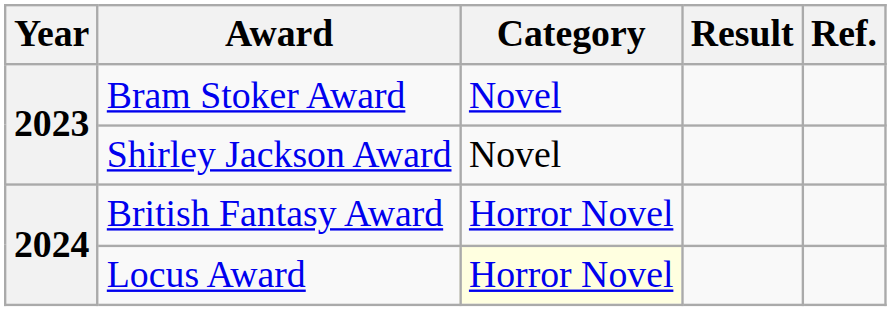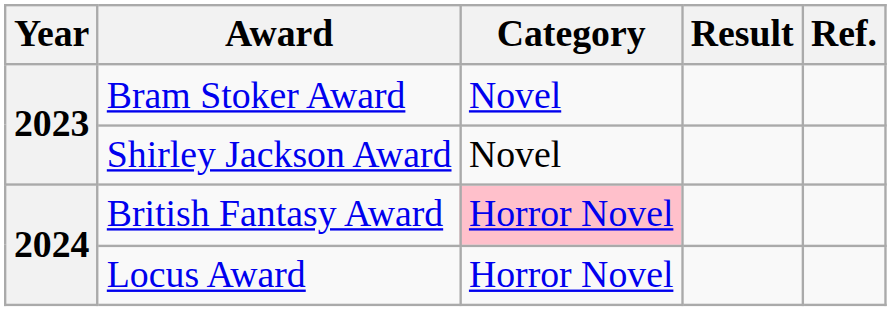 <table class="wikitable sortable">
 <tr>
 <th>Year</th>
 <th>Award</th>
 <th>Category</th>
 <th>Result</th>
 <th>Ref.</th>
 </tr>
 <tr>
 <th rowspan="2">2023</th>
 <td><a href='#'>Bram Stoker Award</a></td>
 <td><a href='#'>Novel</a></td>
 <td></td>
 <td></td>
 </tr>
 <tr>
 <td><a href='#'>Shirley Jackson Award</a></td>
 <td>Novel</td>
 <td></td>
 <td></td>
 </tr>
 <tr>
 <th rowspan="2">2024</th>
 <td><a href='#'>British Fantasy Award</a></td>
-<td><a href='#'>Horror Novel</a></td>
+<td style="background: pink;"><a href='#'>Horror Novel</a></td>
 <td></td>
 <td></td>
 </tr>
 <tr>
 <td><a href='#'>Locus Award</a></td>
-<td style="background: lightyellow;"><a href='#'>Horror Novel</a></td>
+<td><a href='#'>Horror Novel</a></td>
 <td></td>
 <td></td>
 </tr>
 </table>
